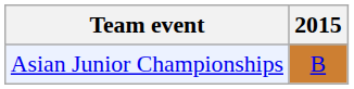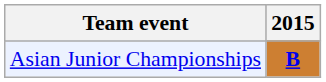 <table style='font-size: 90%; text-align:center;' class='wikitable'>
 <tr>
 <th>Team event</th>
 <th>2015</th>
 </tr>
 <tr>
 <td bgcolor="#ECF2FF"; align="left"><a href='#'>Asian Junior Championships</a></td>
-<td bgcolor=CD7F32><a href='#'>B</a></td>
+<td bgcolor=CD7F32><strong><a href='#'>B</a></strong></td>
 </tr>
 </table>
